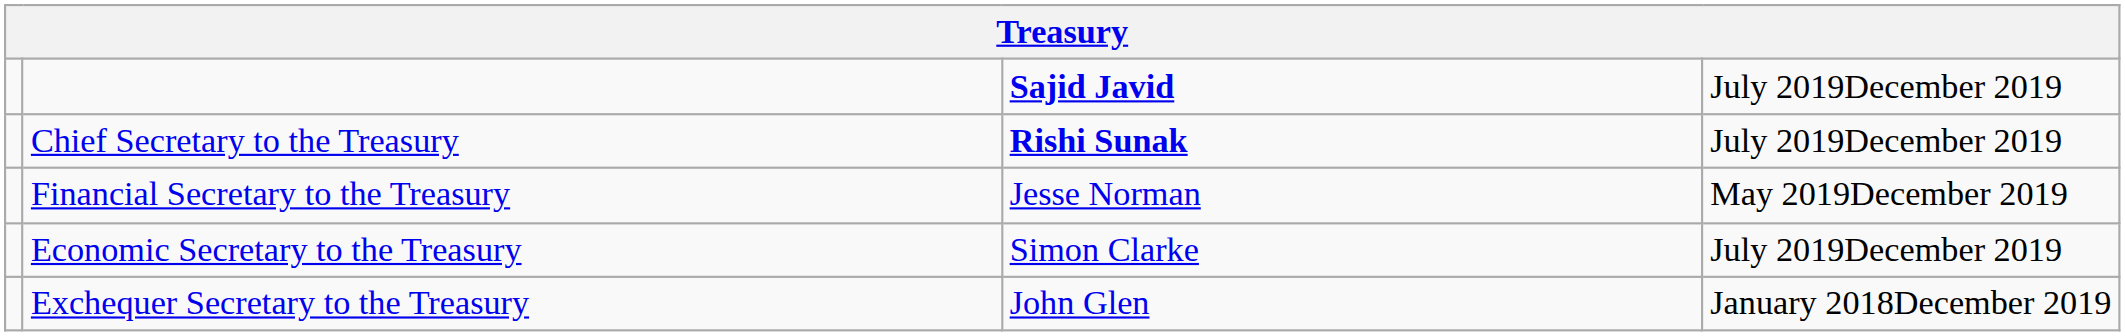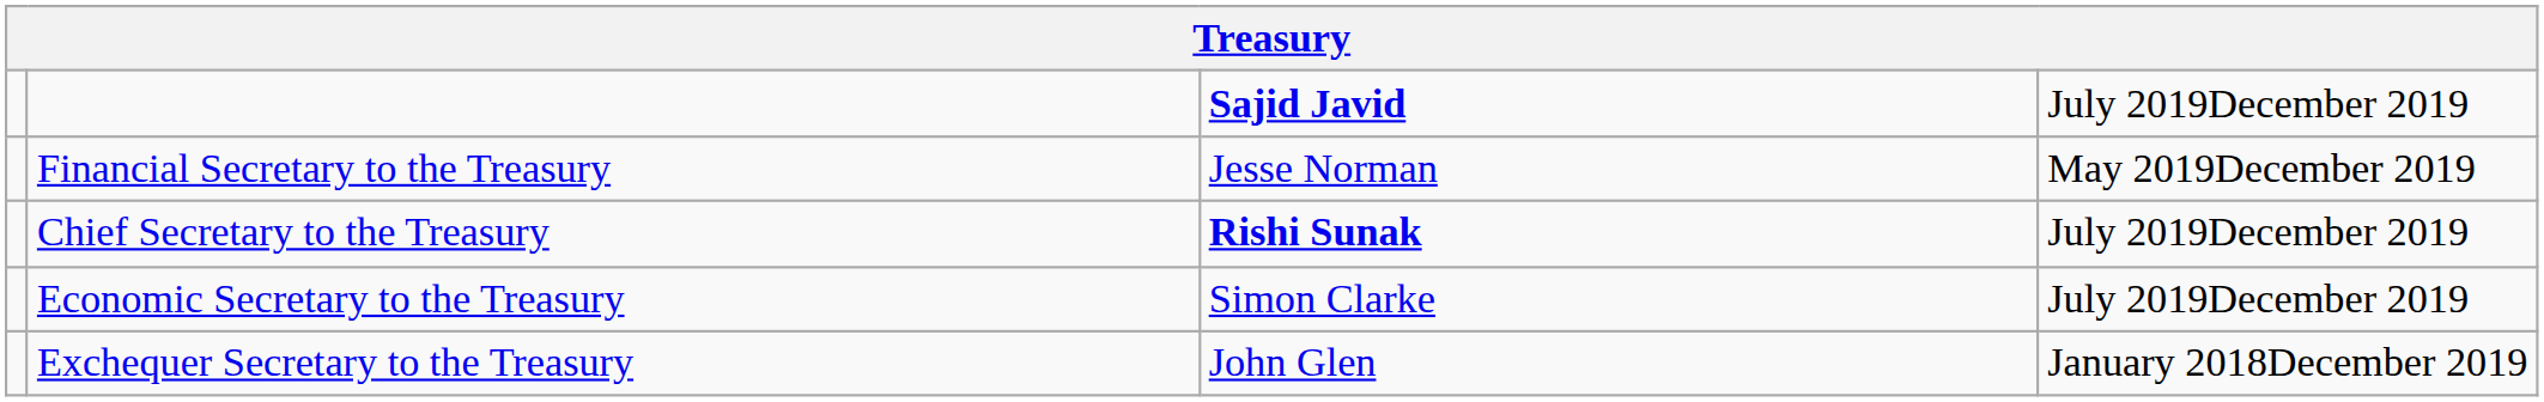 <table class="wikitable">
 <tr>
 <th colspan="4"><a href='#'>Treasury</a></th>
 </tr>
 <tr>
 <td style="width: 1px; background: "></td>
 <td style="width: 450px;"></td>
 <td style="width: 320px;"><strong><a href='#'>Sajid Javid</a></strong></td>
 <td>July 2019December 2019</td>
 </tr>
 <tr>
 <td style="width: 1px; background: "></td>
+<td><a href='#'>Financial Secretary to the Treasury</a></td>
+<td><a href='#'>Jesse Norman</a></td>
+<td>May 2019December 2019</td>
+</tr>
+<tr>
+<td style="width: 1px; background: "></td>
 <td><a href='#'>Chief Secretary to the Treasury</a></td>
 <td><strong><a href='#'>Rishi Sunak</a></strong></td>
 <td>July 2019December 2019</td>
-</tr>
-<tr>
-<td style="width: 1px; background: "></td>
-<td><a href='#'>Financial Secretary to the Treasury</a></td>
-<td><a href='#'>Jesse Norman</a></td>
-<td>May 2019December 2019</td>
 </tr>
 <tr>
 <td style="width: 1px; background: "></td>
 <td><a href='#'>Economic Secretary to the Treasury</a></td>
 <td><a href='#'>Simon Clarke</a> </td>
 <td>July 2019December 2019</td>
 </tr>
 <tr>
 <td style="width: 1px; background: "></td>
 <td><a href='#'>Exchequer Secretary to the Treasury</a></td>
 <td><a href='#'>John Glen</a> </td>
 <td>January 2018December 2019</td>
 </tr>
 </table>
